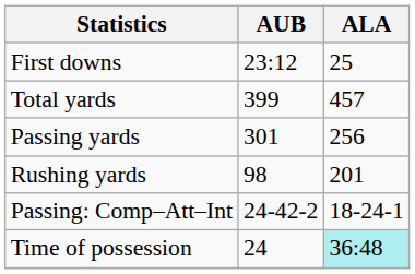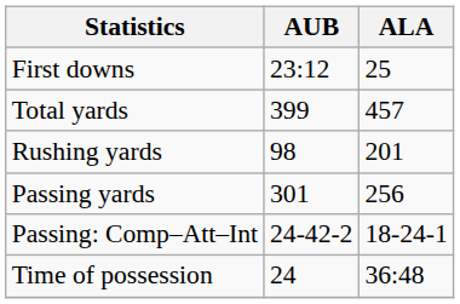 <table class="wikitable" style="float: left;">
 <tr>
 <th>Statistics</th>
 <th>AUB</th>
 <th>ALA</th>
 </tr>
 <tr>
 <td>First downs</td>
 <td>23:12</td>
 <td>25</td>
 </tr>
 <tr>
 <td>Total yards</td>
 <td>399</td>
 <td>457</td>
 </tr>
 <tr>
+<td>Rushing yards</td>
+<td>98</td>
+<td>201</td>
+</tr>
+<tr>
 <td>Passing yards</td>
 <td>301</td>
 <td>256</td>
-</tr>
-<tr>
-<td>Rushing yards</td>
-<td>98</td>
-<td>201</td>
 </tr>
 <tr>
 <td>Passing: Comp–Att–Int</td>
 <td>24-42-2</td>
 <td>18-24-1</td>
 </tr>
 <tr>
 <td>Time of possession</td>
 <td>24</td>
-<td style="background: paleturquoise;">36:48</td>
+<td>36:48</td>
 </tr>
 <tr>
 </tr>
 </table>
